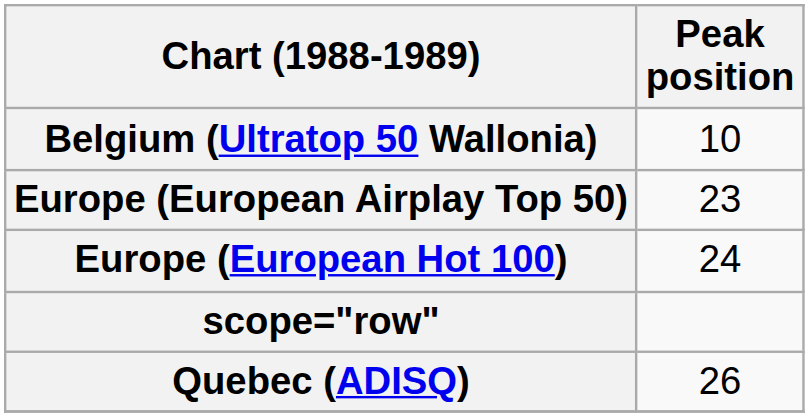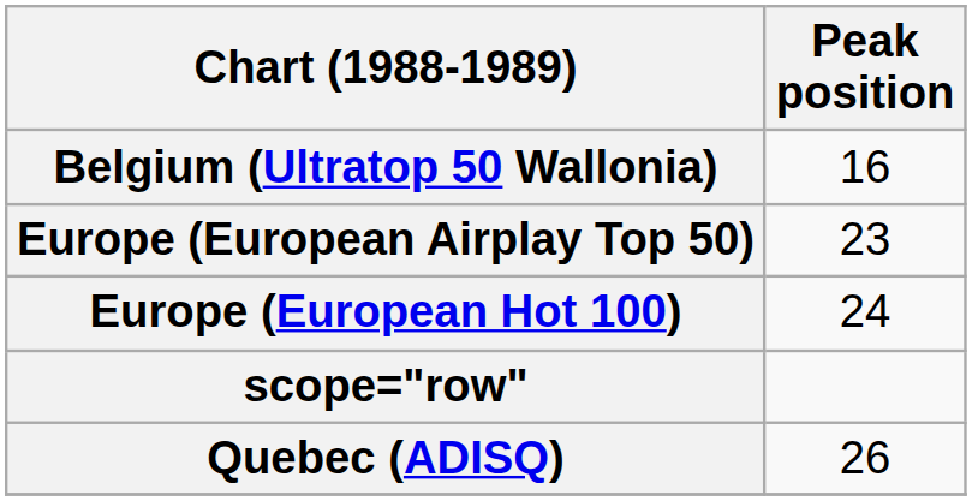 <table class="wikitable sortable plainrowheaders">
 <tr>
 <th>Chart (1988-1989)</th>
 <th>Peak<br>position</th>
 </tr>
 <tr>
 <th scope="row">Belgium (<a href='#'>Ultratop 50</a> Wallonia)</th>
-<td align="center">10</td>
+<td align="center">16</td>
 </tr>
 <tr>
 <th scope="row">Europe (European Airplay Top 50)</th>
 <td align="center">23</td>
 </tr>
 <tr>
 <th scope="row">Europe (<a href='#'>European Hot 100</a>)</th>
 <td align="center">24</td>
 </tr>
 <tr>
 <th>scope="row"</th>
 </tr>
 <tr>
 <th scope="row">Quebec (<a href='#'>ADISQ</a>)</th>
 <td align="center">26</td>
 </tr>
 <tr>
 </tr>
 </table>
